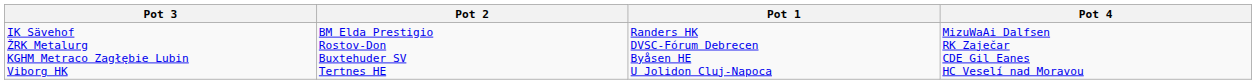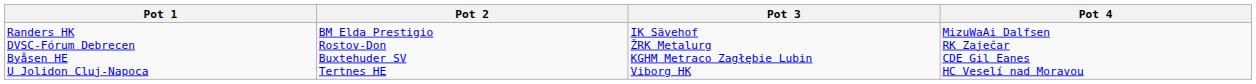 <table class="wikitable">
 <tr>
+<th width=15%>Pot 1</th>
+<th width=15%>Pot 2</th>
 <th width=15%>Pot 3</th>
-<th width=15%>Pot 2</th>
-<th width=15%>Pot 1</th>
 <th width=15%>Pot 4</th>
 </tr>
 <tr>
+<td valign="top"> <a href='#'>Randers HK</a><br> <a href='#'>DVSC-Fórum Debrecen</a><br> <a href='#'>Byåsen HE</a><br> <a href='#'>U Jolidon Cluj-Napoca</a></td>
+<td valign="top"> <a href='#'>BM Elda Prestigio</a><br> <a href='#'>Rostov-Don</a><br> <a href='#'>Buxtehuder SV</a><br> <a href='#'>Tertnes HE</a></td>
 <td valign="top"> <a href='#'>IK Sävehof</a> <br> <a href='#'>ŽRK Metalurg</a><br> <a href='#'>KGHM Metraco Zagłębie Lubin</a><br> <a href='#'>Viborg HK</a></td>
-<td valign="top"> <a href='#'>BM Elda Prestigio</a><br> <a href='#'>Rostov-Don</a><br> <a href='#'>Buxtehuder SV</a><br> <a href='#'>Tertnes HE</a></td>
-<td valign="top"> <a href='#'>Randers HK</a><br> <a href='#'>DVSC-Fórum Debrecen</a><br> <a href='#'>Byåsen HE</a><br> <a href='#'>U Jolidon Cluj-Napoca</a></td>
 <td valign="top"> <a href='#'>MizuWaAi Dalfsen</a><br> <a href='#'>RK Zaječar</a><br> <a href='#'>CDE Gil Eanes</a><br> <a href='#'>HC Veselí nad Moravou</a></td>
 </tr>
 </table>
